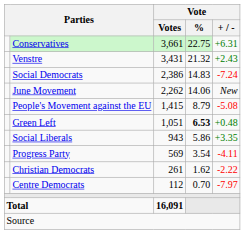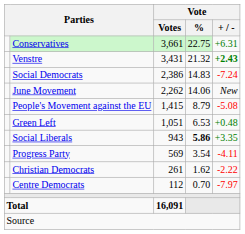 <table class="wikitable" style="text-align:right;">
 <tr>
 <th style="text-align:centre;" rowspan="2" colspan="2" width="225">Parties</th>
 <th colspan="3">Vote</th>
 </tr>
 <tr>
 <th width="15">Votes</th>
 <th width="15">%</th>
 <th width="15">+ / -</th>
 </tr>
 <tr>
 <td width="2" style="color:inherit;background:"></td>
 <td bgcolor=#ccf7cc   align="left"><a href='#'>Conservatives</a></td>
 <td bgcolor=#ccf7cc>3,661</td>
 <td bgcolor=#ccf7cc>22.75</td>
 <td style=color:green;>+6.31</td>
 </tr>
 <tr>
 <td width="2" style="color:inherit;background:"></td>
 <td align="left"><a href='#'>Venstre</a></td>
 <td>3,431</td>
 <td>21.32</td>
-<td style=color:green;>+2.43</td>
+<td style=color:green;><strong>+2.43</strong></td>
 </tr>
 <tr>
 <td width="2" style="color:inherit;background:"></td>
 <td align="left"><a href='#'>Social Democrats</a></td>
 <td>2,386</td>
 <td>14.83</td>
 <td style=color:red;>-7.24</td>
 </tr>
 <tr>
 <td width="2" style="color:inherit;background:"></td>
 <td align="left"><a href='#'>June Movement</a></td>
 <td>2,262</td>
 <td>14.06</td>
 <td><em>New</em></td>
 </tr>
 <tr>
 <td width="2" style="color:inherit;background:"></td>
 <td align="left"><a href='#'>People's Movement against the EU</a></td>
 <td>1,415</td>
 <td>8.79</td>
 <td style=color:red;>-5.08</td>
 </tr>
 <tr>
 <td width="2" style="color:inherit;background:"></td>
 <td align="left"><a href='#'>Green Left</a></td>
 <td>1,051</td>
-<td><strong>6.53</strong></td>
+<td>6.53</td>
 <td style=color:green;>+0.48</td>
 </tr>
 <tr>
 <td width="2" style="color:inherit;background:"></td>
 <td align="left"><a href='#'>Social Liberals</a></td>
 <td>943</td>
-<td>5.86</td>
+<td><strong>5.86</strong></td>
 <td style=color:green;>+3.35</td>
 </tr>
 <tr>
 <td width="2" style="color:inherit;background:"></td>
 <td align="left"><a href='#'>Progress Party</a></td>
 <td>569</td>
 <td>3.54</td>
 <td style=color:red;>-4.11</td>
 </tr>
 <tr>
 <td width="2" style="color:inherit;background:"></td>
 <td align="left"><a href='#'>Christian Democrats</a></td>
 <td>261</td>
 <td>1.62</td>
 <td style=color:red;>-2.22</td>
 </tr>
 <tr>
 <td width="2" style="color:inherit;background:"></td>
 <td align="left"><a href='#'>Centre Democrats</a></td>
 <td>112</td>
 <td>0.70</td>
 <td style=color:red;>-7.97</td>
 </tr>
 <tr>
 <td colspan="7" bgcolor="#E9E9E9"></td>
 </tr>
 <tr>
 <td align="left" colspan="2"><strong>Total</strong></td>
 <td><strong>16,091</strong></td>
 <td bgcolor="#E9E9E9" colspan="2"></td>
 </tr>
 <tr>
 <td align="left" colspan="6">Source</td>
 </tr>
 </table>
